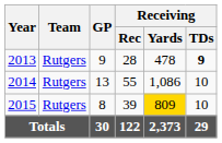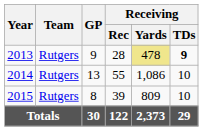 <table class="wikitable" style="text-align:center;">
 <tr>
 <th rowspan="2">Year</th>
 <th rowspan="2">Team</th>
 <th rowspan="2">GP</th>
 <th colspan=3>Receiving</th>
 </tr>
 <tr>
 <th>Rec</th>
 <th>Yards</th>
 <th>TDs</th>
 </tr>
 <tr>
 <td><a href='#'>2013</a></td>
 <td><a href='#'>Rutgers</a></td>
 <td>9</td>
 <td>28</td>
-<td>478</td>
+<td style="background: khaki;">478</td>
 <td><strong>9</strong></td>
 </tr>
 <tr>
 <td><a href='#'>2014</a></td>
 <td><a href='#'>Rutgers</a></td>
 <td>13</td>
 <td>55</td>
 <td>1,086</td>
 <td>10</td>
 </tr>
 <tr>
 <td><a href='#'>2015</a></td>
 <td><a href='#'>Rutgers</a></td>
 <td>8</td>
 <td>39</td>
-<td style="background: gold;">809</td>
+<td>809</td>
 <td>10</td>
 </tr>
 <tr style="background:#555; font-weight:bold; color:white;">
 <td colspan=2>Totals</td>
 <td>30</td>
 <td>122</td>
 <td>2,373</td>
 <td>29</td>
 </tr>
 </table>
